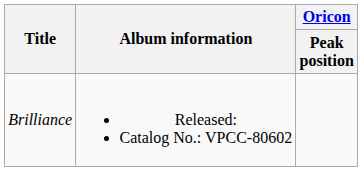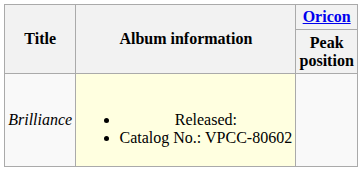 <table class="wikitable plainrowheaders" style="text-align:center">
 <tr>
 <th rowspan=2; style=>Title</th>
 <th rowspan=2; style=>Album information</th>
 <th colspan=1; style=><a href='#'>Oricon</a><br></th>
 </tr>
 <tr>
 <th style=>Peak<br>position</th>
 </tr>
 <tr>
 <td align=left><em>Brilliance</em></td>
-<td><br><ul><li>Released: </li><li>Catalog No.: VPCC-80602</li></ul></td>
+<td style="background: lightyellow;"><br><ul><li>Released: </li><li>Catalog No.: VPCC-80602</li></ul></td>
 <td></td>
 </tr>
 <tr>
 </tr>
 </table>
